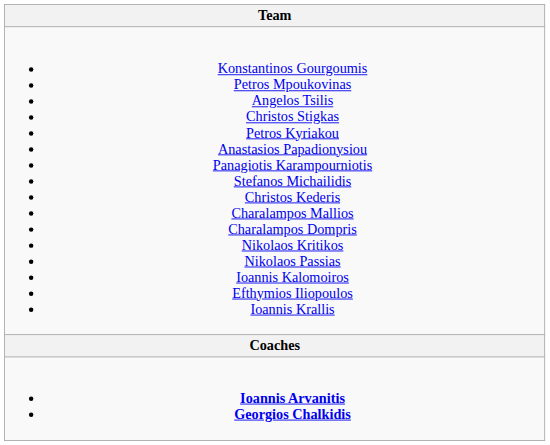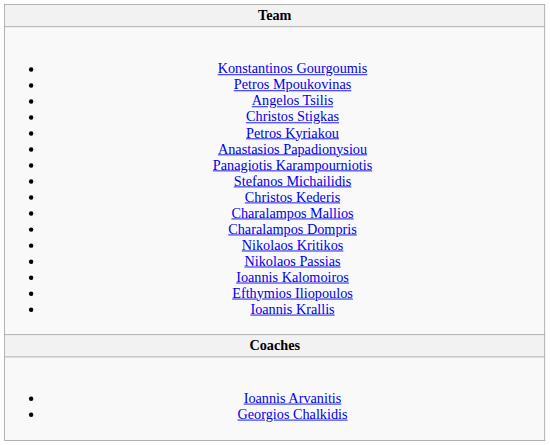 <table class="wikitable" style="text-align: center;">
 <tr>
 <th width=600>Team</th>
 </tr>
 <tr>
 <td><br><ul><li><a href='#'>Konstantinos Gourgoumis</a></li><li><a href='#'>Petros Mpoukovinas</a></li><li><a href='#'>Angelos Tsilis</a></li><li><a href='#'>Christos Stigkas</a></li><li><a href='#'>Petros Kyriakou</a></li><li><a href='#'>Anastasios Papadionysiou</a></li><li><a href='#'>Panagiotis Karampourniotis</a></li><li><a href='#'>Stefanos Michailidis</a></li><li><a href='#'>Christos Kederis</a></li><li><a href='#'>Charalampos Mallios</a></li><li><a href='#'>Charalampos Dompris</a></li><li><a href='#'>Nikolaos Kritikos</a></li><li><a href='#'>Nikolaos Passias</a></li><li><a href='#'>Ioannis Kalomoiros</a></li><li><a href='#'>Efthymios Iliopoulos</a></li><li><a href='#'>Ioannis Krallis</a></li></ul></td>
 </tr>
 <tr>
 <th width=600>Coaches</th>
 </tr>
 <tr>
-<td><strong><br><ul><li> <a href='#'>Ioannis Arvanitis</a></li><li> <a href='#'>Georgios Chalkidis</a></li></ul></strong></td>
+<td><br><ul><li> <a href='#'>Ioannis Arvanitis</a></li><li> <a href='#'>Georgios Chalkidis</a></li></ul></td>
 </tr>
 </table>
